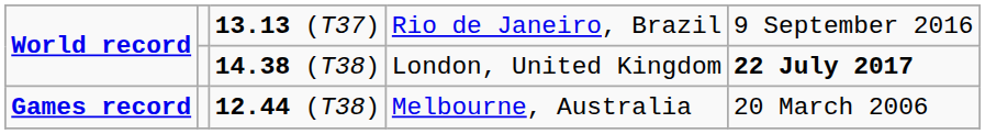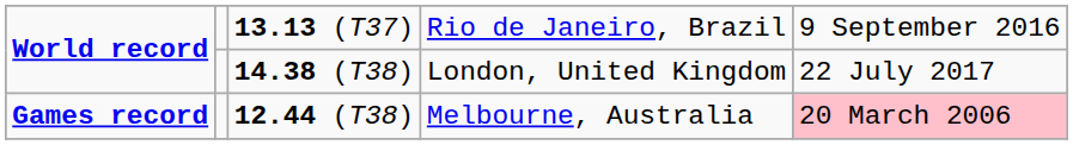 <table class="wikitable">
 <tr>
 <td rowspan=2><a href='#'><strong>World record</strong></a></td>
 <td></td>
 <td><strong>13.13</strong> (<em>T37</em>)</td>
 <td><a href='#'>Rio de Janeiro</a>, Brazil</td>
 <td>9 September 2016</td>
 </tr>
 <tr>
 <td></td>
 <td><strong>14.38</strong> (<em>T38</em>)</td>
 <td>London, United Kingdom</td>
-<td><strong>22 July 2017</strong></td>
+<td>22 July 2017</td>
 </tr>
 <tr>
 <td><a href='#'><strong>Games record</strong></a></td>
 <td></td>
 <td><strong>12.44</strong> (<em>T38</em>)</td>
 <td><a href='#'>Melbourne</a>, Australia</td>
-<td>20 March 2006</td>
+<td style="background: pink;">20 March 2006</td>
 </tr>
 </table>
